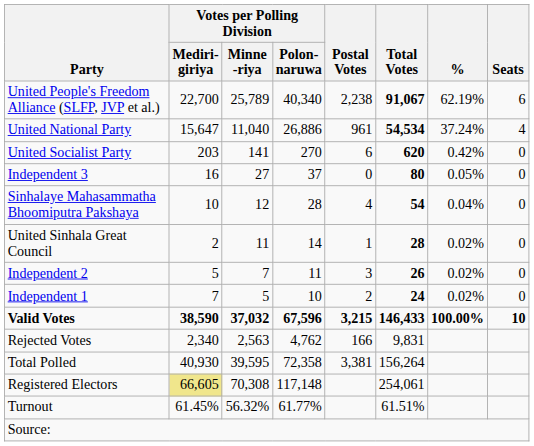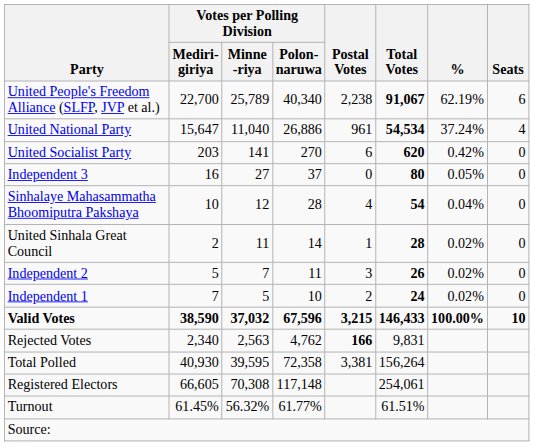 <table class="wikitable" border="1" style="text-align:right;">
 <tr>
 <th align=left valign=bottom rowspan=2 width="180">Party</th>
 <th colspan=3>Votes per Polling Division</th>
 <th align=center valign=bottom rowspan=2 width="50">Postal<br>Votes</th>
 <th align=center valign=bottom rowspan=2 width="50">Total Votes</th>
 <th align=center valign=bottom rowspan=2 width="50">%</th>
 <th align=center valign=bottom rowspan=2 width="40">Seats</th>
 </tr>
 <tr>
 <th align=center valign=bottom width="50">Mediri-<br>giriya</th>
 <th align=center valign=bottom width="50">Minne<br>-riya</th>
 <th align=center valign=bottom width="50">Polon-<br>naruwa</th>
 </tr>
 <tr>
 <td align=left><a href='#'>United People's Freedom Alliance</a> (<a href='#'>SLFP</a>, <a href='#'>JVP</a> et al.)</td>
 <td>22,700</td>
 <td>25,789</td>
 <td>40,340</td>
 <td>2,238</td>
 <td><strong>91,067</strong></td>
 <td>62.19%</td>
 <td>6</td>
 </tr>
 <tr>
 <td align=left><a href='#'>United National Party</a></td>
 <td>15,647</td>
 <td>11,040</td>
 <td>26,886</td>
 <td>961</td>
 <td><strong>54,534</strong></td>
 <td>37.24%</td>
 <td>4</td>
 </tr>
 <tr>
 <td align=left><a href='#'>United Socialist Party</a></td>
 <td>203</td>
 <td>141</td>
 <td>270</td>
 <td>6</td>
 <td><strong>620</strong></td>
 <td>0.42%</td>
 <td>0</td>
 </tr>
 <tr>
 <td align=left><a href='#'>Independent 3</a></td>
 <td>16</td>
 <td>27</td>
 <td>37</td>
 <td>0</td>
 <td><strong>80</strong></td>
 <td>0.05%</td>
 <td>0</td>
 </tr>
 <tr>
 <td align=left><a href='#'>Sinhalaye Mahasammatha Bhoomiputra Pakshaya</a></td>
 <td>10</td>
 <td>12</td>
 <td>28</td>
 <td>4</td>
 <td><strong>54</strong></td>
 <td>0.04%</td>
 <td>0</td>
 </tr>
 <tr>
 <td align=left>United Sinhala Great Council</td>
 <td>2</td>
 <td>11</td>
 <td>14</td>
 <td>1</td>
 <td><strong>28</strong></td>
 <td>0.02%</td>
 <td>0</td>
 </tr>
 <tr>
 <td align=left><a href='#'>Independent 2</a></td>
 <td>5</td>
 <td>7</td>
 <td>11</td>
 <td>3</td>
 <td><strong>26</strong></td>
 <td>0.02%</td>
 <td>0</td>
 </tr>
 <tr>
 <td align=left><a href='#'>Independent 1</a></td>
 <td>7</td>
 <td>5</td>
 <td>10</td>
 <td>2</td>
 <td><strong>24</strong></td>
 <td>0.02%</td>
 <td>0</td>
 </tr>
 <tr>
 <td align=left><strong>Valid Votes</strong></td>
 <td><strong>38,590</strong></td>
 <td><strong>37,032</strong></td>
 <td><strong>67,596</strong></td>
 <td><strong>3,215</strong></td>
 <td><strong>146,433</strong></td>
 <td><strong>100.00%</strong></td>
 <td><strong>10</strong></td>
 </tr>
 <tr>
 <td align=left>Rejected Votes</td>
 <td>2,340</td>
 <td>2,563</td>
 <td>4,762</td>
-<td>166</td>
+<td><strong>166</strong></td>
 <td>9,831</td>
 <td></td>
 <td></td>
 </tr>
 <tr>
 <td align=left>Total Polled</td>
 <td>40,930</td>
 <td>39,595</td>
 <td>72,358</td>
 <td>3,381</td>
 <td>156,264</td>
 <td></td>
 <td></td>
 </tr>
 <tr>
 <td align=left>Registered Electors</td>
-<td style="background: khaki;">66,605</td>
+<td>66,605</td>
 <td>70,308</td>
 <td>117,148</td>
 <td></td>
 <td>254,061</td>
 <td></td>
 <td></td>
 </tr>
 <tr>
 <td align=left>Turnout</td>
 <td>61.45%</td>
 <td>56.32%</td>
 <td>61.77%</td>
 <td></td>
 <td>61.51%</td>
 <td></td>
 <td></td>
 </tr>
 <tr>
 <td align=left colspan=9>Source:</td>
 </tr>
 </table>
